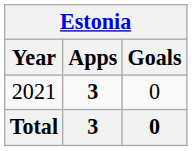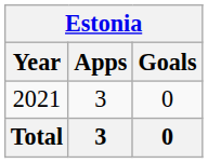 <table class="wikitable" style="text-align:center">
 <tr>
 <th colspan=3><a href='#'>Estonia</a></th>
 </tr>
 <tr>
 <th>Year</th>
 <th>Apps</th>
 <th>Goals</th>
 </tr>
 <tr>
 <td>2021</td>
-<td><strong>3</strong></td>
+<td>3</td>
 <td>0</td>
 </tr>
 <tr>
 <th>Total</th>
 <th>3</th>
 <th>0</th>
 </tr>
 </table>
